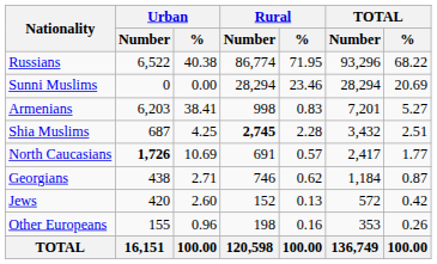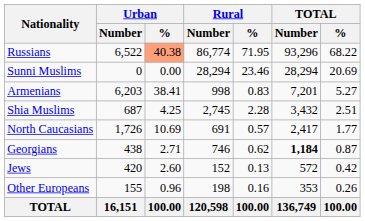 <table class="wikitable sortable">
 <tr>
 <th rowspan="2">Nationality</th>
 <th colspan="2"><a href='#'>Urban</a></th>
 <th colspan="2"><a href='#'>Rural</a></th>
 <th colspan="2">TOTAL</th>
 </tr>
 <tr>
 <th>Number</th>
 <th>%</th>
 <th>Number</th>
 <th>%</th>
 <th>Number</th>
 <th>%</th>
 </tr>
 <tr>
 <td><a href='#'>Russians</a></td>
 <td align="right">6,522</td>
-<td align="right">40.38</td>
+<td align="right" style="background: lightsalmon;">40.38</td>
 <td align="right">86,774</td>
 <td align="right">71.95</td>
 <td align="right">93,296</td>
 <td align="right">68.22</td>
 </tr>
 <tr>
 <td><a href='#'>Sunni Muslims</a></td>
 <td align="right">0</td>
 <td align="right">0.00</td>
 <td align="right">28,294</td>
 <td align="right">23.46</td>
 <td align="right">28,294</td>
 <td align="right">20.69</td>
 </tr>
 <tr>
 <td><a href='#'>Armenians</a></td>
 <td align="right">6,203</td>
 <td align="right">38.41</td>
 <td align="right">998</td>
 <td align="right">0.83</td>
 <td align="right">7,201</td>
 <td align="right">5.27</td>
 </tr>
 <tr>
 <td><a href='#'>Shia Muslims</a></td>
 <td align="right">687</td>
 <td align="right">4.25</td>
-<td align="right"><strong>2,745</strong></td>
+<td align="right">2,745</td>
 <td align="right">2.28</td>
 <td align="right">3,432</td>
 <td align="right">2.51</td>
 </tr>
 <tr>
 <td><a href='#'>North Caucasians</a></td>
-<td align="right"><strong>1,726</strong></td>
+<td align="right">1,726</td>
 <td align="right">10.69</td>
 <td align="right">691</td>
 <td align="right">0.57</td>
 <td align="right">2,417</td>
 <td align="right">1.77</td>
 </tr>
 <tr>
 <td><a href='#'>Georgians</a></td>
 <td align="right">438</td>
 <td align="right">2.71</td>
 <td align="right">746</td>
 <td align="right">0.62</td>
-<td align="right">1,184</td>
+<td align="right"><strong>1,184</strong></td>
 <td align="right">0.87</td>
 </tr>
 <tr>
 <td><a href='#'>Jews</a></td>
 <td align="right">420</td>
 <td align="right">2.60</td>
 <td align="right">152</td>
 <td align="right">0.13</td>
 <td align="right">572</td>
 <td align="right">0.42</td>
 </tr>
 <tr>
 <td><a href='#'>Other Europeans</a></td>
 <td align="right">155</td>
 <td align="right">0.96</td>
 <td align="right">198</td>
 <td align="right">0.16</td>
 <td align="right">353</td>
 <td align="right">0.26</td>
 </tr>
 <tr>
 <th>TOTAL</th>
 <th>16,151</th>
 <th>100.00</th>
 <th>120,598</th>
 <th>100.00</th>
 <th>136,749</th>
 <th>100.00</th>
 </tr>
 </table>
